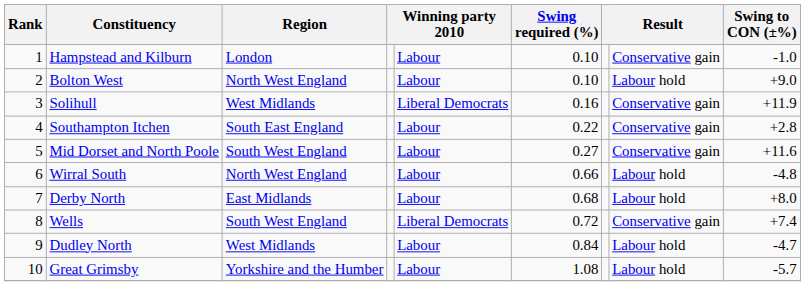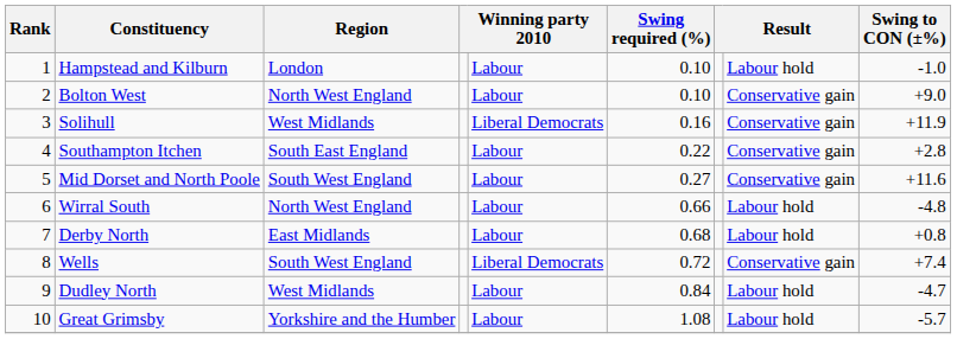 <table class="wikitable sortable">
 <tr>
 <th>Rank</th>
 <th>Constituency</th>
 <th>Region</th>
 <th colspan=2>Winning party <br>2010</th>
 <th><a href='#'>Swing</a><br>required (%)</th>
 <th colspan=2>Result</th>
 <th>Swing to<br>CON (±%)</th>
 </tr>
 <tr>
 <td style="text-align: right;">1</td>
 <td><a href='#'>Hampstead and Kilburn</a></td>
 <td><a href='#'>London</a></td>
 <td style="color:inherit;background:"></td>
 <td><a href='#'>Labour</a></td>
 <td style="text-align: right;">0.10</td>
 <td style="color:inherit;background:"></td>
-<td><a href='#'>Conservative</a> gain</td>
+<td><a href='#'>Labour</a> hold</td>
 <td style="text-align: right;">-1.0</td>
 </tr>
 <tr>
 <td style="text-align: right;">2</td>
 <td><a href='#'>Bolton West</a></td>
 <td><a href='#'>North West England</a></td>
 <td style="color:inherit;background:"></td>
 <td><a href='#'>Labour</a></td>
 <td style="text-align: right;">0.10</td>
 <td style="color:inherit;background:"></td>
-<td><a href='#'>Labour</a> hold</td>
+<td><a href='#'>Conservative</a> gain</td>
 <td style="text-align: right;">+9.0</td>
 </tr>
 <tr>
 <td style="text-align: right;">3</td>
 <td><a href='#'>Solihull</a></td>
 <td><a href='#'>West Midlands</a></td>
 <td style="color:inherit;background:"></td>
 <td><a href='#'>Liberal Democrats</a></td>
 <td style="text-align: right;">0.16</td>
 <td style="color:inherit;background:"></td>
 <td><a href='#'>Conservative</a> gain</td>
 <td style="text-align: right;">+11.9</td>
 </tr>
 <tr>
 <td style="text-align: right;">4</td>
 <td><a href='#'>Southampton Itchen</a></td>
 <td><a href='#'>South East England</a></td>
 <td style="color:inherit;background:"></td>
 <td><a href='#'>Labour</a></td>
 <td style="text-align: right;">0.22</td>
 <td style="color:inherit;background:"></td>
 <td><a href='#'>Conservative</a> gain</td>
 <td style="text-align: right;">+2.8</td>
 </tr>
 <tr>
 <td style="text-align: right;">5</td>
 <td><a href='#'>Mid Dorset and North Poole</a></td>
 <td><a href='#'>South West England</a></td>
 <td style="color:inherit;background:"></td>
 <td><a href='#'>Labour</a></td>
 <td style="text-align: right;">0.27</td>
 <td style="color:inherit;background:"></td>
 <td><a href='#'>Conservative</a> gain</td>
 <td style="text-align: right;">+11.6</td>
 </tr>
 <tr>
 <td style="text-align: right;">6</td>
 <td><a href='#'>Wirral South</a></td>
 <td><a href='#'>North West England</a></td>
 <td style="color:inherit;background:"></td>
 <td><a href='#'>Labour</a></td>
 <td style="text-align: right;">0.66</td>
 <td style="color:inherit;background:"></td>
 <td><a href='#'>Labour</a> hold</td>
 <td style="text-align: right;">-4.8</td>
 </tr>
 <tr>
 <td style="text-align: right;">7</td>
 <td><a href='#'>Derby North</a></td>
 <td><a href='#'>East Midlands</a></td>
 <td style="color:inherit;background:"></td>
 <td><a href='#'>Labour</a></td>
 <td style="text-align: right;">0.68</td>
 <td style="color:inherit;background:"></td>
 <td><a href='#'>Labour</a> hold</td>
-<td style="text-align: right;">+8.0</td>
+<td style="text-align: right;">+0.8</td>
 </tr>
 <tr>
 <td style="text-align: right;">8</td>
 <td><a href='#'>Wells</a></td>
 <td><a href='#'>South West England</a></td>
 <td style="color:inherit;background:"></td>
 <td><a href='#'>Liberal Democrats</a></td>
 <td style="text-align: right;">0.72</td>
 <td style="color:inherit;background:"></td>
 <td><a href='#'>Conservative</a> gain</td>
 <td style="text-align: right;">+7.4</td>
 </tr>
 <tr>
 <td style="text-align: right;">9</td>
 <td><a href='#'>Dudley North</a></td>
 <td><a href='#'>West Midlands</a></td>
 <td style="color:inherit;background:"></td>
 <td><a href='#'>Labour</a></td>
 <td style="text-align: right;">0.84</td>
 <td style="color:inherit;background:"></td>
 <td><a href='#'>Labour</a> hold</td>
 <td style="text-align: right;">-4.7</td>
 </tr>
 <tr>
 <td style="text-align: right;">10</td>
 <td><a href='#'>Great Grimsby</a></td>
 <td><a href='#'>Yorkshire and the Humber</a></td>
 <td style="color:inherit;background:"></td>
 <td><a href='#'>Labour</a></td>
 <td style="text-align: right;">1.08</td>
 <td style="color:inherit;background:"></td>
 <td><a href='#'>Labour</a> hold</td>
 <td style="text-align: right;">-5.7</td>
 </tr>
 <tr>
 </tr>
 </table>
